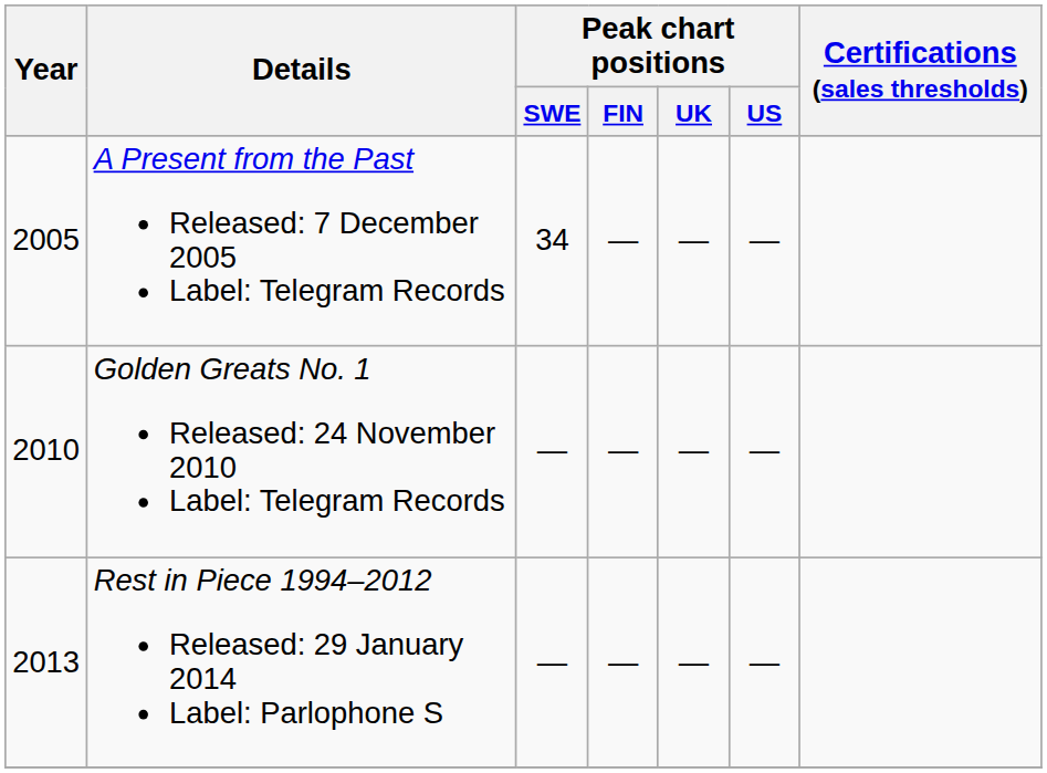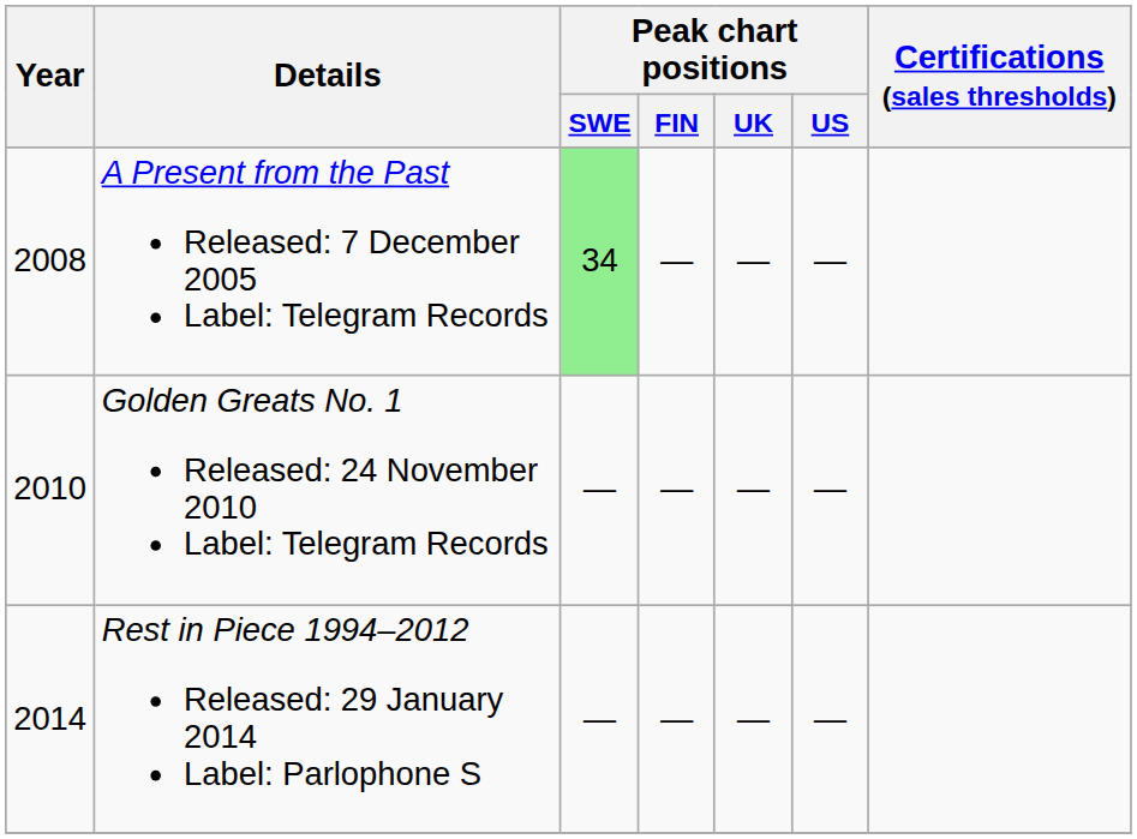 <table class="wikitable">
 <tr>
 <th rowspan="2">Year</th>
 <th rowspan="2" width="220">Details</th>
 <th colspan="4">Peak chart positions</th>
 <th rowspan=2 width="120"><a href='#'>Certifications</a><br><small>(<a href='#'>sales thresholds</a>)</small></th>
 </tr>
 <tr>
 <th width="30"><small><a href='#'>SWE</a></small><br></th>
 <th width="30"><small><a href='#'>FIN</a></small><br></th>
 <th width="30"><small><a href='#'>UK</a></small><br></th>
 <th width="30"><small><a href='#'>US</a></small><br></th>
 </tr>
 <tr>
-<td>2005</td>
+<td>2008</td>
 <td><em><a href='#'>A Present from the Past</a></em><br><ul><li>Released: 7 December 2005</li><li>Label: Telegram Records</li></ul></td>
-<td align="center">34</td>
+<td align="center" style="background: lightgreen;">34</td>
 <td align="center">—</td>
 <td align="center">—</td>
 <td align="center">—</td>
 <td></td>
 </tr>
 <tr>
 <td>2010</td>
 <td><em>Golden Greats No. 1</em><br><ul><li>Released: 24 November 2010</li><li>Label: Telegram Records</li></ul></td>
 <td align="center">—</td>
 <td align="center">—</td>
 <td align="center">—</td>
 <td align="center">—</td>
 <td></td>
 </tr>
 <tr>
-<td>2013</td>
+<td>2014</td>
 <td><em>Rest in Piece 1994–2012</em><br><ul><li>Released: 29 January 2014</li><li>Label: Parlophone S</li></ul></td>
 <td align="center">—</td>
 <td align="center">—</td>
 <td align="center">—</td>
 <td align="center">—</td>
 <td></td>
 </tr>
 <tr>
 </tr>
 </table>
